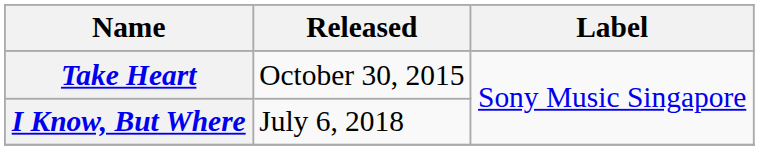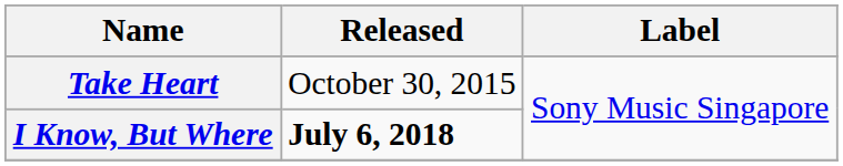 <table class="wikitable plainrowheaders">
 <tr>
 <th scope="col">Name</th>
 <th scope="col">Released</th>
 <th scope="col">Label</th>
 </tr>
 <tr>
 <th scope="row"><em><a href='#'>Take Heart</a></em></th>
 <td>October 30, 2015</td>
 <td rowspan="2"><a href='#'>Sony Music Singapore</a></td>
 </tr>
 <tr>
 <th scope="row"><em><a href='#'>I Know, But Where</a></em></th>
-<td>July 6, 2018</td>
+<td><strong>July 6, 2018</strong></td>
 </tr>
 <tr>
 </tr>
 </table>
